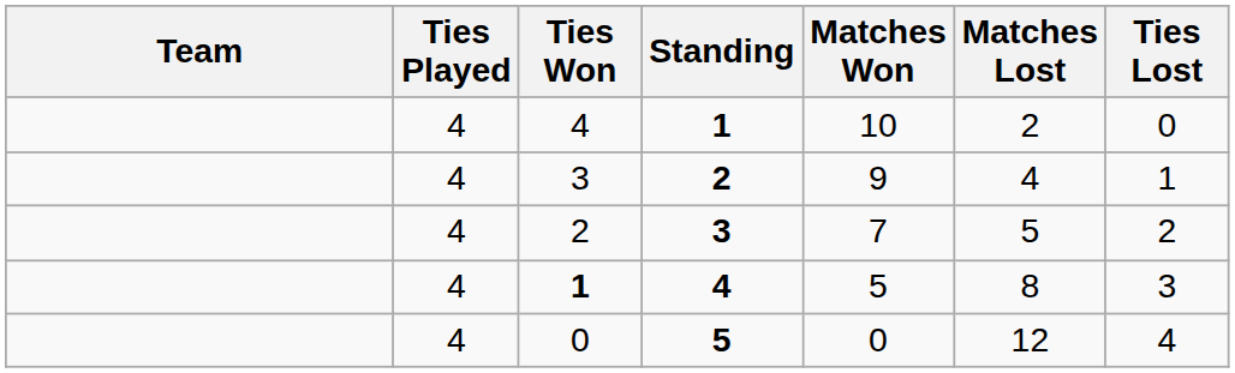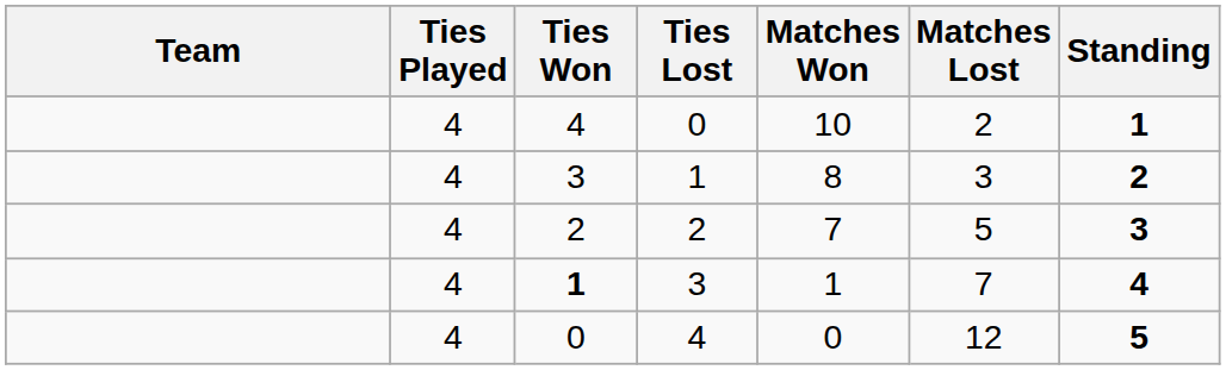 <table class=wikitable style="text-align:center">
 <tr>
 <th width=175>Team</th>
 <th width=50>Ties Played</th>
 <th width=50>Ties Won</th>
-<th width=50>Standing</th>
+<th width=50>Ties Lost</th>
 <th width=50>Matches Won</th>
 <th width=50>Matches Lost</th>
-<th width=50>Ties Lost</th>
+<th width=50>Standing</th>
 </tr>
 <tr>
 <td style="text-align:left"></td>
 <td>4</td>
 <td>4</td>
-<td><strong>1</strong></td>
+<td>0</td>
 <td>10</td>
 <td>2</td>
-<td>0</td>
+<td><strong>1</strong></td>
 </tr>
 <tr>
 <td style="text-align:left"></td>
 <td>4</td>
 <td>3</td>
+<td>1</td>
+<td>8</td>
+<td>3</td>
 <td><strong>2</strong></td>
-<td>9</td>
-<td>4</td>
-<td>1</td>
 </tr>
 <tr>
 <td style="text-align:left"></td>
 <td>4</td>
 <td>2</td>
-<td><strong>3</strong></td>
+<td>2</td>
 <td>7</td>
 <td>5</td>
-<td>2</td>
+<td><strong>3</strong></td>
 </tr>
 <tr>
 <td style="text-align:left"></td>
 <td>4</td>
 <td><strong>1</strong></td>
+<td>3</td>
+<td>1</td>
+<td>7</td>
 <td><strong>4</strong></td>
-<td>5</td>
-<td>8</td>
-<td>3</td>
 </tr>
 <tr>
 <td style="text-align:left"></td>
 <td>4</td>
 <td>0</td>
-<td><strong>5</strong></td>
+<td>4</td>
 <td>0</td>
 <td>12</td>
-<td>4</td>
+<td><strong>5</strong></td>
 </tr>
 </table>
